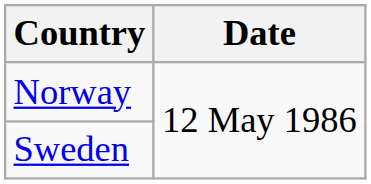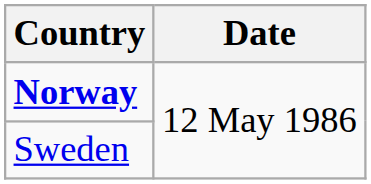 <table class="wikitable">
 <tr>
 <th>Country</th>
 <th>Date</th>
 </tr>
 <tr>
-<td><a href='#'>Norway</a></td>
+<td><strong><a href='#'>Norway</a></strong></td>
 <td rowspan="2">12 May 1986</td>
 </tr>
 <tr>
 <td><a href='#'>Sweden</a></td>
 </tr>
 </table>
